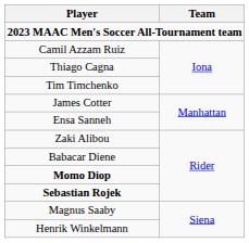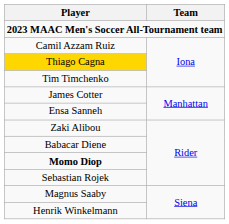 <table class="wikitable" style="white-space:nowrap; text-align: center;">
 <tr>
 <th>Player</th>
 <th>Team</th>
 </tr>
 <tr>
 <td colspan="2"><strong>2023 MAAC Men's Soccer All-Tournament team</strong></td>
 </tr>
 <tr>
 <td>Camil Azzam Ruiz</td>
 <td rowspan=3><a href='#'>Iona</a></td>
 </tr>
 <tr>
-<td>Thiago Cagna</td>
+<td style="background: gold;">Thiago Cagna</td>
 </tr>
 <tr>
 <td>Tim Timchenko</td>
 </tr>
 <tr>
 <td>James Cotter</td>
 <td rowspan=2><a href='#'>Manhattan</a></td>
 </tr>
 <tr>
 <td>Ensa Sanneh</td>
 </tr>
 <tr>
 <td>Zaki Alibou</td>
 <td rowspan=4><a href='#'>Rider</a></td>
 </tr>
 <tr>
 <td>Babacar Diene</td>
 </tr>
 <tr>
 <td><strong>Momo Diop</strong></td>
 </tr>
 <tr>
-<td><strong>Sebastian Rojek</strong></td>
+<td>Sebastian Rojek</td>
 </tr>
 <tr>
 <td>Magnus Saaby</td>
 <td rowspan=2><a href='#'>Siena</a></td>
 </tr>
 <tr>
 <td>Henrik Winkelmann</td>
 </tr>
 </table>
